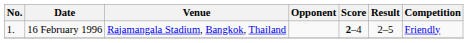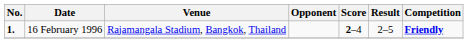 <table class="wikitable">
 <tr>
 <th>No.</th>
 <th>Date</th>
 <th>Venue</th>
 <th>Opponent</th>
 <th>Score</th>
 <th>Result</th>
 <th>Competition</th>
 </tr>
 <tr>
-<td>1.</td>
+<td><strong>1.</strong></td>
 <td>16 February 1996</td>
 <td><a href='#'>Rajamangala Stadium</a>, <a href='#'>Bangkok</a>, <a href='#'>Thailand</a></td>
 <td></td>
 <td align=center><strong>2</strong>–4</td>
 <td align=center>2–5</td>
-<td><a href='#'>Friendly</a></td>
+<td><strong><a href='#'>Friendly</a></strong></td>
 </tr>
 <tr>
 </tr>
 </table>
